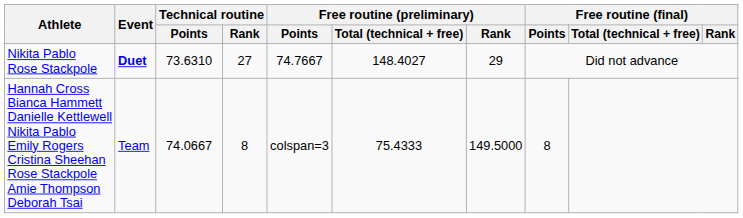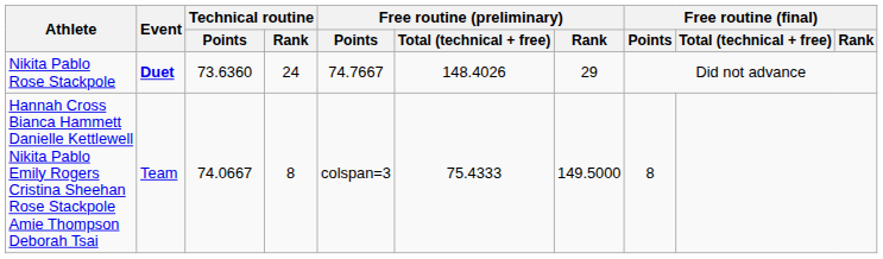 <table class="wikitable" style="font-size:90%">
 <tr>
 <th rowspan="2">Athlete</th>
 <th rowspan="2">Event</th>
 <th colspan=2>Technical routine</th>
 <th colspan=3>Free routine (preliminary)</th>
 <th colspan=3>Free routine (final)</th>
 </tr>
 <tr style="font-size:95%">
 <th>Points</th>
 <th>Rank</th>
 <th>Points</th>
 <th>Total (technical + free)</th>
 <th>Rank</th>
 <th>Points</th>
 <th>Total (technical + free)</th>
 <th>Rank</th>
 </tr>
 <tr align=center>
 <td align=left><a href='#'>Nikita Pablo</a><br><a href='#'>Rose Stackpole</a></td>
 <td align=left><strong><a href='#'>Duet</a></strong></td>
-<td>73.6310</td>
-<td>27</td>
+<td>73.6360</td>
+<td>24</td>
 <td>74.7667</td>
-<td>148.4027</td>
+<td>148.4026</td>
 <td>29</td>
 <td colspan=3>Did not advance</td>
 </tr>
 <tr align=center>
 <td align=left><a href='#'>Hannah Cross</a><br><a href='#'>Bianca Hammett</a><br><a href='#'>Danielle Kettlewell</a><br><a href='#'>Nikita Pablo</a><br><a href='#'>Emily Rogers</a><br><a href='#'>Cristina Sheehan</a><br><a href='#'>Rose Stackpole</a><br><a href='#'>Amie Thompson</a><br><a href='#'>Deborah Tsai</a></td>
 <td align=left><a href='#'>Team</a></td>
 <td>74.0667</td>
 <td>8</td>
 <td>colspan=3 </td>
 <td>75.4333</td>
 <td>149.5000</td>
 <td>8</td>
 </tr>
 </table>
